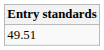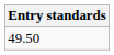 <table class="wikitable" border="1" align="upright">
 <tr>
 <th>Entry standards</th>
 </tr>
 <tr>
-<td>49.51</td>
+<td>49.50</td>
 </tr>
 </table>
